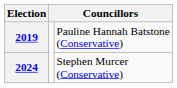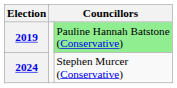 <table class="wikitable">
 <tr>
 <th>Election</th>
 <th colspan="2">Councillors</th>
 </tr>
 <tr>
 <th><a href='#'>2019</a></th>
 <td rowspan="5" style="background-color: "></td>
-<td>Pauline Hannah Batstone<br>(<a href='#'>Conservative</a>)</td>
+<td style="background: lightgreen;">Pauline Hannah Batstone<br>(<a href='#'>Conservative</a>)</td>
 </tr>
 <tr>
 <th><a href='#'>2024</a></th>
 <td>Stephen Murcer<br>(<a href='#'>Conservative</a>)</td>
 </tr>
 </table>
